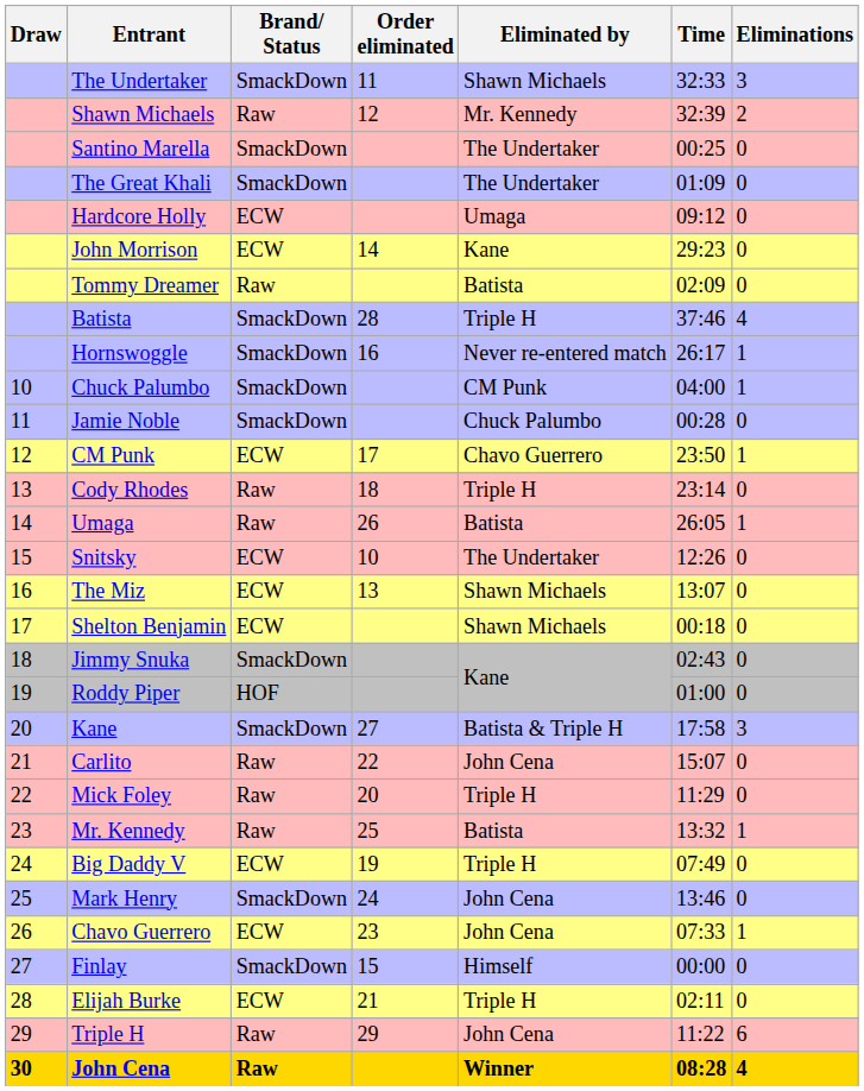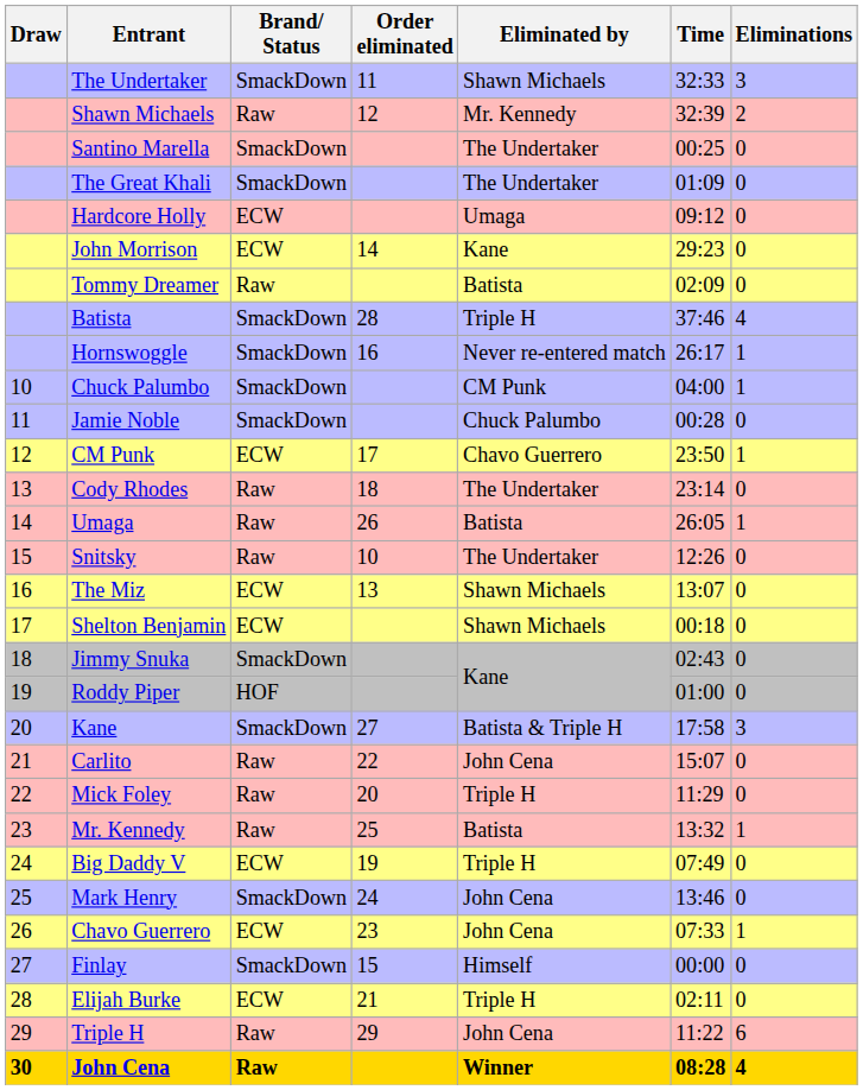 <table class="wikitable sortable">
 <tr>
 <th>Draw</th>
 <th>Entrant</th>
 <th>Brand/<br>Status</th>
 <th>Order<br>eliminated</th>
 <th>Eliminated by</th>
 <th>Time</th>
 <th>Eliminations</th>
 </tr>
 <tr style="background:#BBF;">
 <td></td>
 <td><a href='#'>The Undertaker</a></td>
 <td>SmackDown</td>
 <td>11</td>
 <td>Shawn Michaels</td>
 <td>32:33</td>
 <td>3</td>
 </tr>
 <tr style="background:#FBB;">
 <td></td>
 <td><a href='#'>Shawn Michaels</a></td>
 <td>Raw</td>
 <td>12</td>
 <td>Mr. Kennedy</td>
 <td>32:39</td>
 <td>2</td>
 </tr>
 <tr style="background:#FBB;">
 <td></td>
 <td><a href='#'>Santino Marella</a></td>
 <td>SmackDown</td>
 <td></td>
 <td>The Undertaker</td>
 <td>00:25</td>
 <td>0</td>
 </tr>
 <tr style="background:#BBF;">
 <td></td>
 <td><a href='#'>The Great Khali</a></td>
 <td>SmackDown</td>
 <td></td>
 <td>The Undertaker</td>
 <td>01:09</td>
 <td>0</td>
 </tr>
 <tr style="background:#FBB;">
 <td></td>
 <td><a href='#'>Hardcore Holly</a></td>
 <td>ECW</td>
 <td></td>
 <td>Umaga</td>
 <td>09:12</td>
 <td>0</td>
 </tr>
 <tr style="background:#FF8;">
 <td></td>
 <td><a href='#'>John Morrison</a></td>
 <td>ECW</td>
 <td>14</td>
 <td>Kane</td>
 <td>29:23</td>
 <td>0</td>
 </tr>
 <tr style="background:#FF8;">
 <td></td>
 <td><a href='#'>Tommy Dreamer</a></td>
 <td>Raw</td>
 <td></td>
 <td>Batista</td>
 <td>02:09</td>
 <td>0</td>
 </tr>
 <tr style="background:#BBF;">
 <td></td>
 <td><a href='#'>Batista</a></td>
 <td>SmackDown</td>
 <td>28</td>
 <td>Triple H</td>
 <td>37:46</td>
 <td>4</td>
 </tr>
 <tr style="background:#BBF;">
 <td></td>
 <td><a href='#'>Hornswoggle</a></td>
 <td>SmackDown</td>
 <td>16</td>
 <td>Never re-entered match</td>
 <td>26:17</td>
 <td>1</td>
 </tr>
 <tr style="background:#BBF;">
 <td>10</td>
 <td><a href='#'>Chuck Palumbo</a></td>
 <td>SmackDown</td>
 <td></td>
 <td>CM Punk</td>
 <td>04:00</td>
 <td>1</td>
 </tr>
 <tr style="background:#BBF;">
 <td>11</td>
 <td><a href='#'>Jamie Noble</a></td>
 <td>SmackDown</td>
 <td></td>
 <td>Chuck Palumbo</td>
 <td>00:28</td>
 <td>0</td>
 </tr>
 <tr style="background:#FF8;">
 <td>12</td>
 <td><a href='#'>CM Punk</a></td>
 <td>ECW</td>
 <td>17</td>
 <td>Chavo Guerrero</td>
 <td>23:50</td>
 <td>1</td>
 </tr>
 <tr style="background:#FBB;">
 <td>13</td>
 <td><a href='#'>Cody Rhodes</a></td>
 <td>Raw</td>
 <td>18</td>
-<td>Triple H</td>
+<td>The Undertaker</td>
 <td>23:14</td>
 <td>0</td>
 </tr>
 <tr style="background:#FBB;">
 <td>14</td>
 <td><a href='#'>Umaga</a></td>
 <td>Raw</td>
 <td>26</td>
 <td>Batista</td>
 <td>26:05</td>
 <td>1</td>
 </tr>
 <tr style="background:#FBB;">
 <td>15</td>
 <td><a href='#'>Snitsky</a></td>
-<td>ECW</td>
+<td>Raw</td>
 <td>10</td>
 <td>The Undertaker</td>
 <td>12:26</td>
 <td>0</td>
 </tr>
 <tr style="background:#FF8;">
 <td>16</td>
 <td><a href='#'>The Miz</a></td>
 <td>ECW</td>
 <td>13</td>
 <td>Shawn Michaels</td>
 <td>13:07</td>
 <td>0</td>
 </tr>
 <tr style="background:#FF8;">
 <td>17</td>
 <td><a href='#'>Shelton Benjamin</a></td>
 <td>ECW</td>
 <td></td>
 <td>Shawn Michaels</td>
 <td>00:18</td>
 <td>0</td>
 </tr>
 <tr style="background:silver">
 <td>18</td>
 <td><a href='#'>Jimmy Snuka</a></td>
 <td>SmackDown</td>
 <td></td>
 <td rowspan="2">Kane</td>
 <td>02:43</td>
 <td>0</td>
 </tr>
 <tr style="background:silver">
 <td>19</td>
 <td><a href='#'>Roddy Piper</a></td>
 <td>HOF</td>
 <td></td>
 <td>01:00</td>
 <td>0</td>
 </tr>
 <tr style="background:#BBF;">
 <td>20</td>
 <td><a href='#'>Kane</a></td>
 <td>SmackDown</td>
 <td>27</td>
 <td>Batista & Triple H</td>
 <td>17:58</td>
 <td>3</td>
 </tr>
 <tr style="background:#FBB;">
 <td>21</td>
 <td><a href='#'>Carlito</a></td>
 <td>Raw</td>
 <td>22</td>
 <td>John Cena</td>
 <td>15:07</td>
 <td>0</td>
 </tr>
 <tr style="background:#FBB;">
 <td>22</td>
 <td><a href='#'>Mick Foley</a></td>
 <td>Raw</td>
 <td>20</td>
 <td>Triple H</td>
 <td>11:29</td>
 <td>0</td>
 </tr>
 <tr style="background:#FBB;">
 <td>23</td>
 <td><a href='#'>Mr. Kennedy</a></td>
 <td>Raw</td>
 <td>25</td>
 <td>Batista</td>
 <td>13:32</td>
 <td>1</td>
 </tr>
 <tr style="background:#FF8;">
 <td>24</td>
 <td><a href='#'>Big Daddy V</a></td>
 <td>ECW</td>
 <td>19</td>
 <td>Triple H</td>
 <td>07:49</td>
 <td>0</td>
 </tr>
 <tr style="background:#BBF;">
 <td>25</td>
 <td><a href='#'>Mark Henry</a></td>
 <td>SmackDown</td>
 <td>24</td>
 <td>John Cena</td>
 <td>13:46</td>
 <td>0</td>
 </tr>
 <tr style="background:#FF8;">
 <td>26</td>
 <td><a href='#'>Chavo Guerrero</a></td>
 <td>ECW</td>
 <td>23</td>
 <td>John Cena</td>
 <td>07:33</td>
 <td>1</td>
 </tr>
 <tr style="background:#BBF;">
 <td>27</td>
 <td><a href='#'>Finlay</a></td>
 <td>SmackDown</td>
 <td>15</td>
 <td>Himself</td>
 <td>00:00</td>
 <td>0</td>
 </tr>
 <tr style="background:#FF8;">
 <td>28</td>
 <td><a href='#'>Elijah Burke</a></td>
 <td>ECW</td>
 <td>21</td>
 <td>Triple H</td>
 <td>02:11</td>
 <td>0</td>
 </tr>
 <tr style="background:#FBB;">
 <td>29</td>
 <td><a href='#'>Triple H</a></td>
 <td>Raw</td>
 <td>29</td>
 <td>John Cena</td>
 <td>11:22</td>
 <td>6</td>
 </tr>
 <tr style="background: gold;">
 <td><strong>30</strong></td>
 <td><strong><a href='#'>John Cena</a></strong></td>
 <td><strong>Raw</strong></td>
 <td><strong></strong></td>
 <td><strong>Winner</strong></td>
 <td><strong>08:28</strong></td>
 <td><strong>4</strong></td>
 </tr>
 </table>
